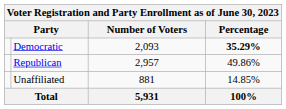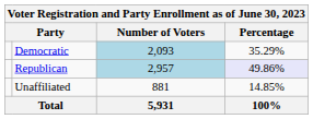 <table class=wikitable>
 <tr>
 <th colspan = 6>Voter Registration and Party Enrollment as of June 30, 2023</th>
 </tr>
 <tr>
 <th colspan = 2>Party</th>
 <th>Number of Voters</th>
 <th>Percentage</th>
 </tr>
 <tr>
 <td></td>
 <td><a href='#'>Democratic</a></td>
-<td align = center>2,093</td>
-<td align = center><strong>35.29%</strong></td>
+<td align = center style="background: lightblue;">2,093</td>
+<td align = center>35.29%</td>
 </tr>
 <tr>
 <td></td>
 <td><a href='#'>Republican</a></td>
-<td align = center>2,957</td>
-<td align = center>49.86%</td>
+<td align = center style="background: lightblue;">2,957</td>
+<td align = center style="background: lavender;">49.86%</td>
 </tr>
 <tr>
 <td></td>
 <td>Unaffiliated</td>
 <td align = center>881</td>
 <td align = center>14.85%</td>
 </tr>
 <tr>
 <th colspan = 2>Total</th>
 <th align = center>5,931</th>
 <th align = center>100%</th>
 </tr>
 </table>
